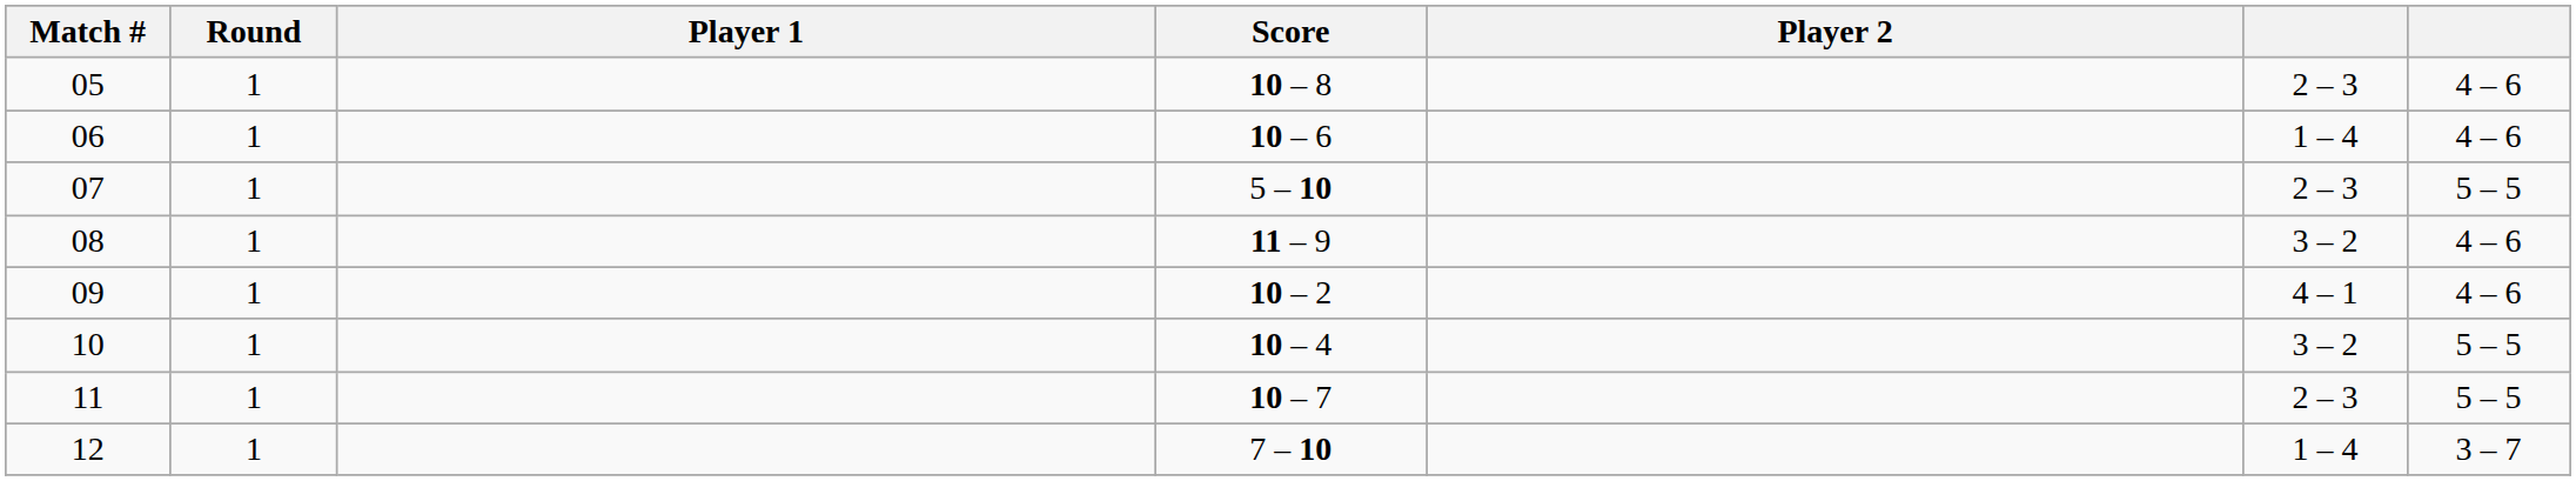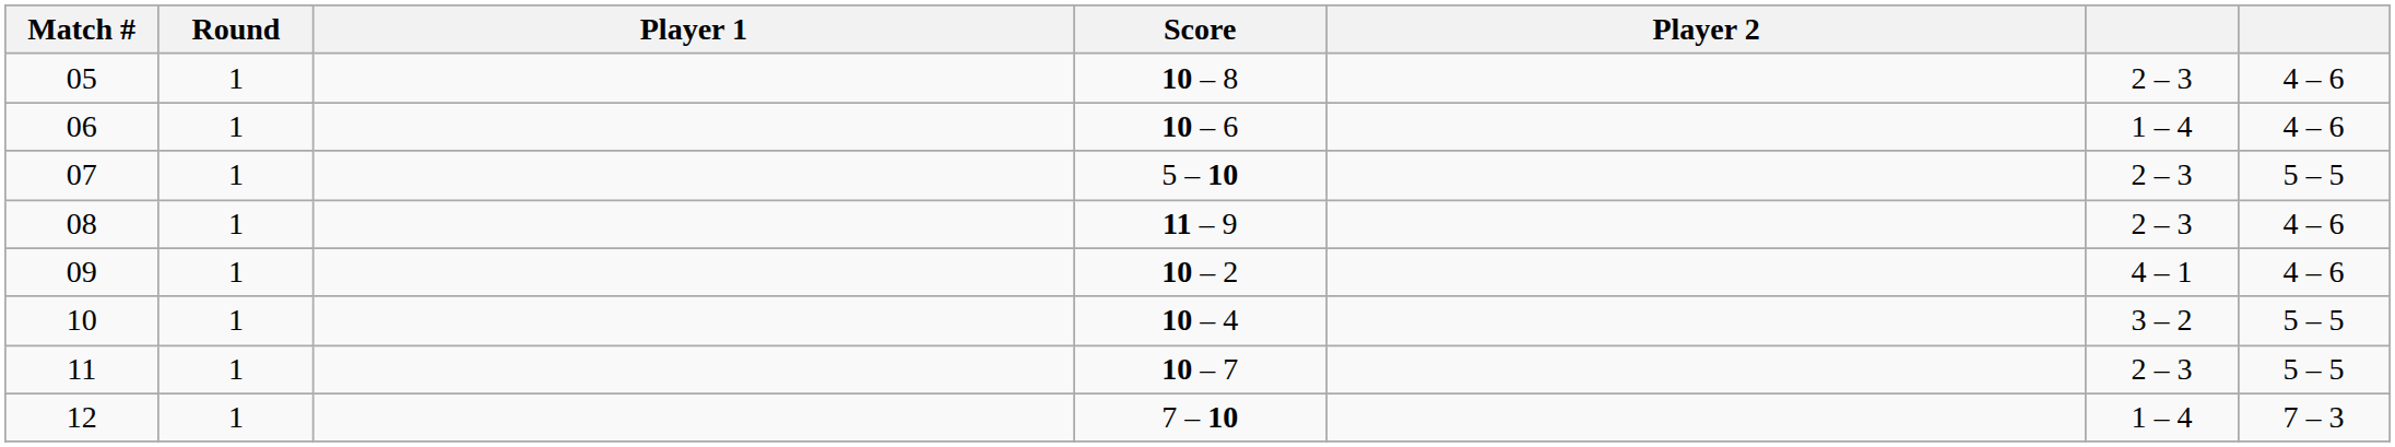 <table class="wikitable">
 <tr>
 <th width="2%">Match #</th>
 <th width="2%">Round</th>
 <th width="15%">Player 1</th>
 <th width="5%">Score</th>
 <th width="15%">Player 2</th>
 <th width="3%"></th>
 <th width="3%"></th>
 </tr>
 <tr style=text-align:center;"background:#;">
 <td>05</td>
 <td>1</td>
 <td></td>
 <td><strong>10</strong> – 8</td>
 <td></td>
 <td>2 – 3</td>
 <td>4 – 6</td>
 </tr>
 <tr style=text-align:center;"background:#;">
 <td>06</td>
 <td>1</td>
 <td></td>
 <td><strong>10</strong> – 6</td>
 <td></td>
 <td>1 – 4</td>
 <td>4 – 6</td>
 </tr>
 <tr style=text-align:center;"background:#;">
 <td>07</td>
 <td>1</td>
 <td></td>
 <td>5 – <strong>10</strong></td>
 <td></td>
 <td>2 – 3</td>
 <td>5 – 5</td>
 </tr>
 <tr style=text-align:center;"background:#;">
 <td>08</td>
 <td>1</td>
 <td></td>
 <td><strong>11</strong> – 9</td>
 <td></td>
-<td>3 – 2</td>
+<td>2 – 3</td>
 <td>4 – 6</td>
 </tr>
 <tr style=text-align:center;"background:#;">
 <td>09</td>
 <td>1</td>
 <td></td>
 <td><strong>10</strong> – 2</td>
 <td></td>
 <td>4 – 1</td>
 <td>4 – 6</td>
 </tr>
 <tr style=text-align:center;"background:#;">
 <td>10</td>
 <td>1</td>
 <td></td>
 <td><strong>10</strong> – 4</td>
 <td></td>
 <td>3 – 2</td>
 <td>5 – 5</td>
 </tr>
 <tr style=text-align:center;"background:#;">
 <td>11</td>
 <td>1</td>
 <td></td>
 <td><strong>10</strong> – 7</td>
 <td></td>
 <td>2 – 3</td>
 <td>5 – 5</td>
 </tr>
 <tr style=text-align:center;"background:#;">
 <td>12</td>
 <td>1</td>
 <td></td>
 <td>7 – <strong>10</strong></td>
 <td></td>
 <td>1 – 4</td>
-<td>3 – 7</td>
+<td>7 – 3</td>
 </tr>
 </table>
